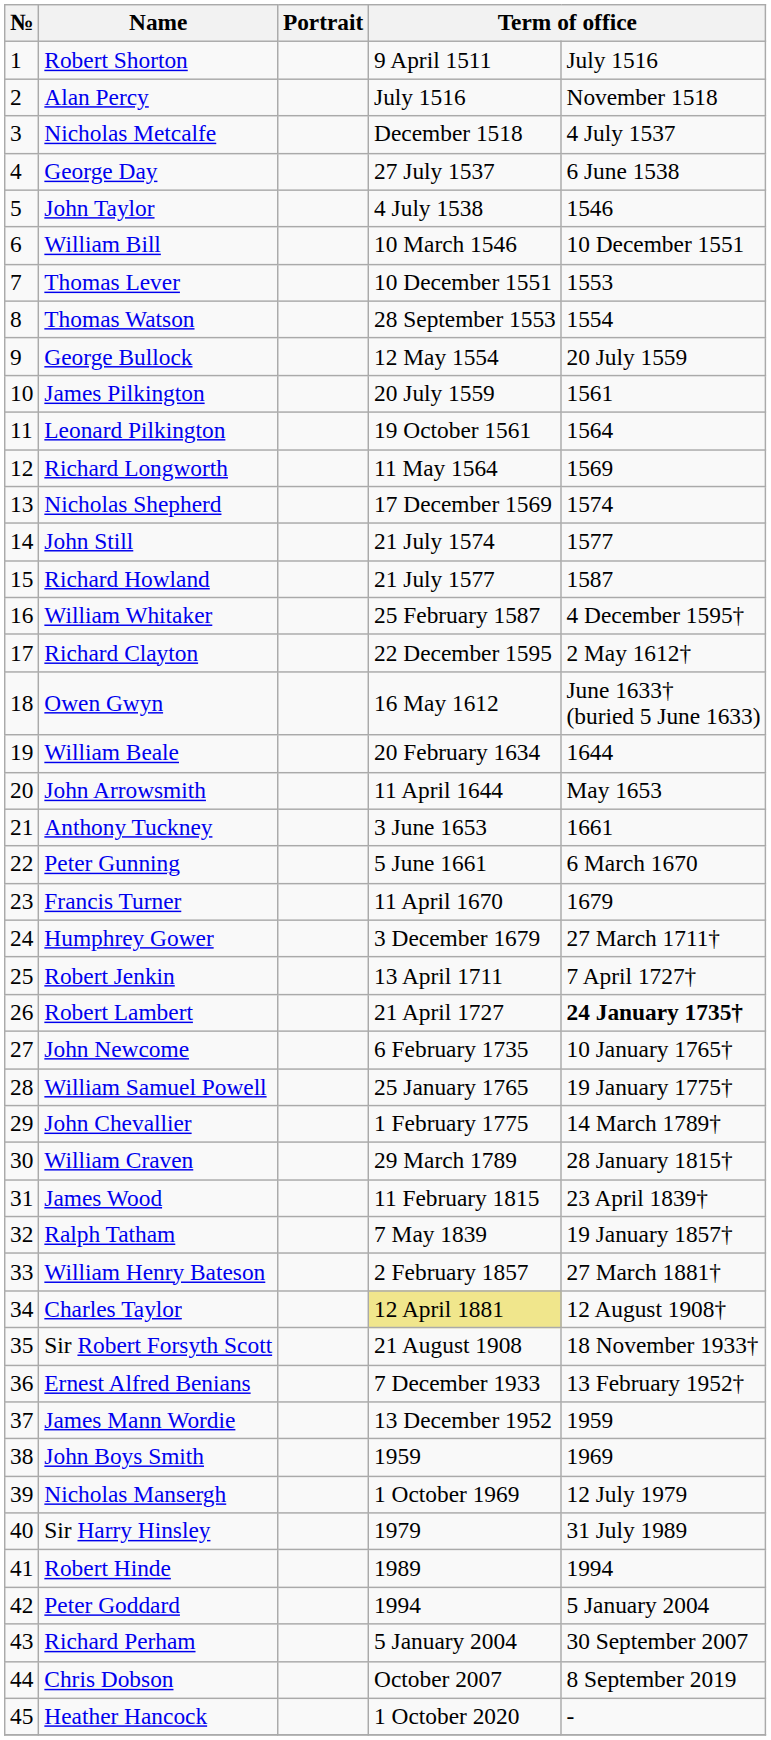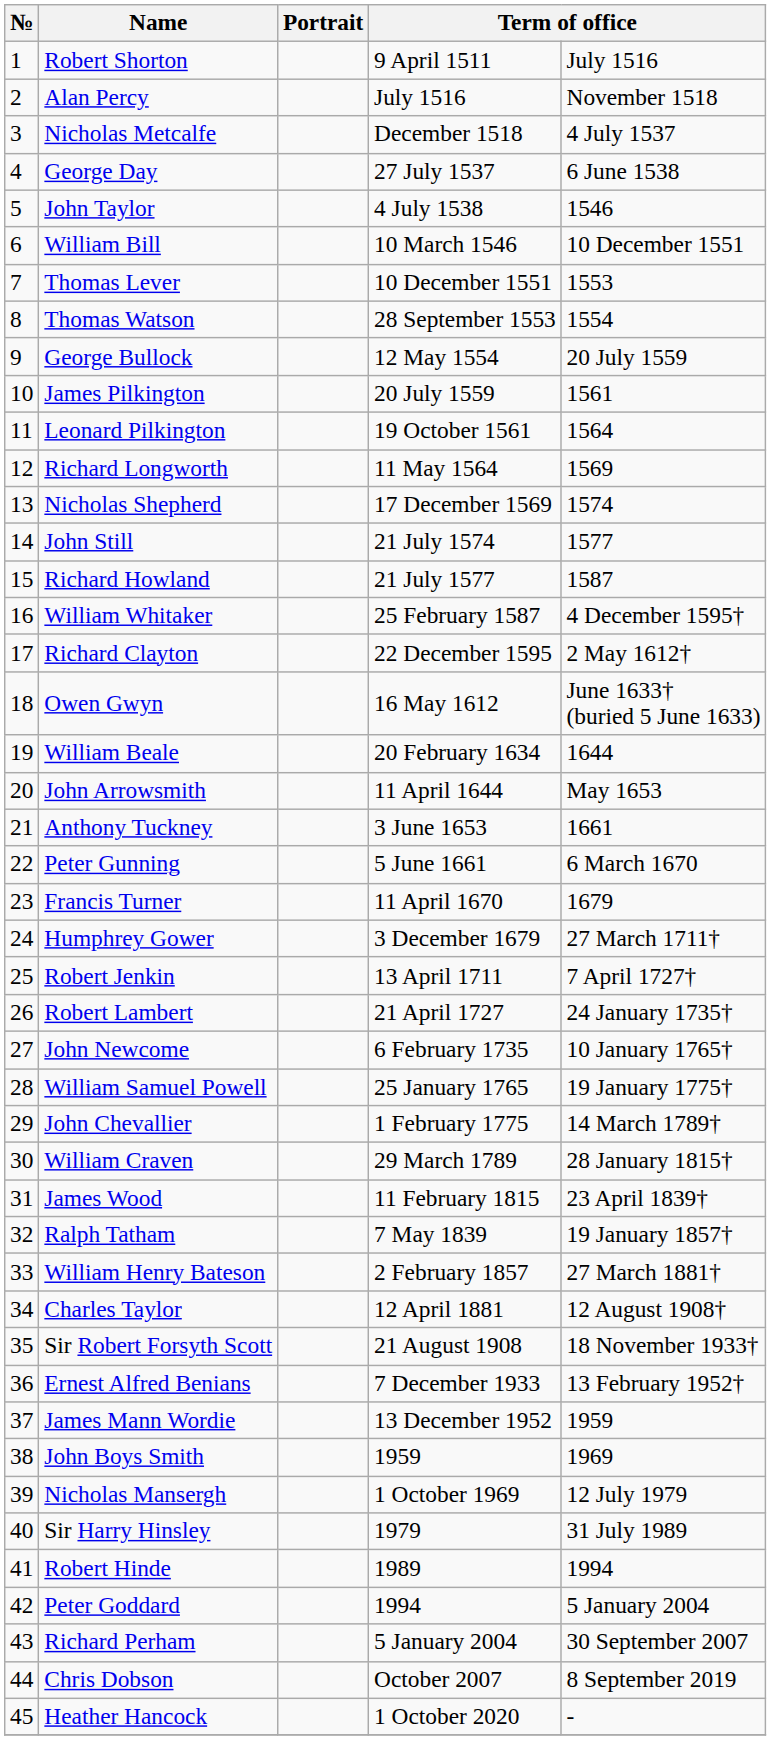 <table class="wikitable">
 <tr>
 <th>№</th>
 <th>Name</th>
 <th>Portrait</th>
 <th colspan=2>Term of office</th>
 </tr>
 <tr>
 <td>1</td>
 <td><a href='#'>Robert Shorton</a></td>
 <td></td>
 <td>9 April 1511</td>
 <td>July 1516</td>
 </tr>
 <tr>
 <td>2</td>
 <td><a href='#'>Alan Percy</a></td>
 <td></td>
 <td>July 1516</td>
 <td>November 1518</td>
 </tr>
 <tr>
 <td>3</td>
 <td><a href='#'>Nicholas Metcalfe</a></td>
 <td></td>
 <td>December 1518</td>
 <td>4 July 1537</td>
 </tr>
 <tr>
 <td>4</td>
 <td><a href='#'>George Day</a></td>
 <td></td>
 <td>27 July 1537</td>
 <td>6 June 1538</td>
 </tr>
 <tr>
 <td>5</td>
 <td><a href='#'>John Taylor</a></td>
 <td></td>
 <td>4 July 1538</td>
 <td>1546</td>
 </tr>
 <tr>
 <td>6</td>
 <td><a href='#'>William Bill</a></td>
 <td></td>
 <td>10 March 1546</td>
 <td>10 December 1551</td>
 </tr>
 <tr>
 <td>7</td>
 <td><a href='#'>Thomas Lever</a></td>
 <td></td>
 <td>10 December 1551</td>
 <td>1553</td>
 </tr>
 <tr>
 <td>8</td>
 <td><a href='#'>Thomas Watson</a></td>
 <td></td>
 <td>28 September 1553</td>
 <td>1554</td>
 </tr>
 <tr>
 <td>9</td>
 <td><a href='#'>George Bullock</a></td>
 <td></td>
 <td>12 May 1554</td>
 <td>20 July 1559</td>
 </tr>
 <tr>
 <td>10</td>
 <td><a href='#'>James Pilkington</a></td>
 <td></td>
 <td>20 July 1559</td>
 <td>1561</td>
 </tr>
 <tr>
 <td>11</td>
 <td><a href='#'>Leonard Pilkington</a></td>
 <td></td>
 <td>19 October 1561</td>
 <td>1564</td>
 </tr>
 <tr>
 <td>12</td>
 <td><a href='#'>Richard Longworth</a></td>
 <td></td>
 <td>11 May 1564</td>
 <td>1569</td>
 </tr>
 <tr>
 <td>13</td>
 <td><a href='#'>Nicholas Shepherd</a></td>
 <td></td>
 <td>17 December 1569</td>
 <td>1574</td>
 </tr>
 <tr>
 <td>14</td>
 <td><a href='#'>John Still</a></td>
 <td></td>
 <td>21 July 1574</td>
 <td>1577</td>
 </tr>
 <tr>
 <td>15</td>
 <td><a href='#'>Richard Howland</a></td>
 <td></td>
 <td>21 July 1577</td>
 <td>1587</td>
 </tr>
 <tr>
 <td>16</td>
 <td><a href='#'>William Whitaker</a></td>
 <td></td>
 <td>25 February 1587</td>
 <td>4 December 1595†</td>
 </tr>
 <tr>
 <td>17</td>
 <td><a href='#'>Richard Clayton</a></td>
 <td></td>
 <td>22 December 1595</td>
 <td>2 May 1612†</td>
 </tr>
 <tr>
 <td>18</td>
 <td><a href='#'>Owen Gwyn</a></td>
 <td></td>
 <td>16 May 1612</td>
 <td>June 1633† <br> (buried 5 June 1633)</td>
 </tr>
 <tr>
 <td>19</td>
 <td><a href='#'>William Beale</a></td>
 <td></td>
 <td>20 February 1634</td>
 <td>1644</td>
 </tr>
 <tr>
 <td>20</td>
 <td><a href='#'>John Arrowsmith</a></td>
 <td></td>
 <td>11 April 1644</td>
 <td>May 1653</td>
 </tr>
 <tr>
 <td>21</td>
 <td><a href='#'>Anthony Tuckney</a></td>
 <td></td>
 <td>3 June 1653</td>
 <td>1661</td>
 </tr>
 <tr>
 <td>22</td>
 <td><a href='#'>Peter Gunning</a></td>
 <td></td>
 <td>5 June 1661</td>
 <td>6 March 1670</td>
 </tr>
 <tr>
 <td>23</td>
 <td><a href='#'>Francis Turner</a></td>
 <td></td>
 <td>11 April 1670</td>
 <td>1679</td>
 </tr>
 <tr>
 <td>24</td>
 <td><a href='#'>Humphrey Gower</a></td>
 <td></td>
 <td>3 December 1679</td>
 <td>27 March 1711†</td>
 </tr>
 <tr>
 <td>25</td>
 <td><a href='#'>Robert Jenkin</a></td>
 <td></td>
 <td>13 April 1711</td>
 <td>7 April 1727†</td>
 </tr>
 <tr>
 <td>26</td>
 <td><a href='#'>Robert Lambert</a></td>
 <td></td>
 <td>21 April 1727</td>
-<td><strong>24 January 1735†</strong></td>
+<td>24 January 1735†</td>
 </tr>
 <tr>
 <td>27</td>
 <td><a href='#'>John Newcome</a></td>
 <td></td>
 <td>6 February 1735</td>
 <td>10 January 1765†</td>
 </tr>
 <tr>
 <td>28</td>
 <td><a href='#'>William Samuel Powell</a></td>
 <td></td>
 <td>25 January 1765</td>
 <td>19 January 1775†</td>
 </tr>
 <tr>
 <td>29</td>
 <td><a href='#'>John Chevallier</a></td>
 <td></td>
 <td>1 February 1775</td>
 <td>14 March 1789†</td>
 </tr>
 <tr>
 <td>30</td>
 <td><a href='#'>William Craven</a></td>
 <td></td>
 <td>29 March 1789</td>
 <td>28 January 1815†</td>
 </tr>
 <tr>
 <td>31</td>
 <td><a href='#'>James Wood</a></td>
 <td></td>
 <td>11 February 1815</td>
 <td>23 April 1839†</td>
 </tr>
 <tr>
 <td>32</td>
 <td><a href='#'>Ralph Tatham</a></td>
 <td></td>
 <td>7 May 1839</td>
 <td>19 January 1857†</td>
 </tr>
 <tr>
 <td>33</td>
 <td><a href='#'>William Henry Bateson</a></td>
 <td></td>
 <td>2 February 1857</td>
 <td>27 March 1881†</td>
 </tr>
 <tr>
 <td>34</td>
 <td><a href='#'>Charles Taylor</a></td>
 <td></td>
-<td style="background: khaki;">12 April 1881</td>
+<td>12 April 1881</td>
 <td>12 August 1908†</td>
 </tr>
 <tr>
 <td>35</td>
 <td>Sir <a href='#'>Robert Forsyth Scott</a></td>
 <td></td>
 <td>21 August 1908</td>
 <td>18 November 1933†</td>
 </tr>
 <tr>
 <td>36</td>
 <td><a href='#'>Ernest Alfred Benians</a></td>
 <td></td>
 <td>7 December 1933</td>
 <td>13 February 1952†</td>
 </tr>
 <tr>
 <td>37</td>
 <td><a href='#'>James Mann Wordie</a></td>
 <td></td>
 <td>13 December 1952</td>
 <td>1959</td>
 </tr>
 <tr>
 <td>38</td>
 <td><a href='#'>John Boys Smith</a></td>
 <td></td>
 <td>1959</td>
 <td>1969</td>
 </tr>
 <tr>
 <td>39</td>
 <td><a href='#'>Nicholas Mansergh</a></td>
 <td></td>
 <td>1 October 1969</td>
 <td>12 July 1979</td>
 </tr>
 <tr>
 <td>40</td>
 <td>Sir <a href='#'>Harry Hinsley</a></td>
 <td></td>
 <td>1979</td>
 <td>31 July 1989</td>
 </tr>
 <tr>
 <td>41</td>
 <td><a href='#'>Robert Hinde</a></td>
 <td></td>
 <td>1989</td>
 <td>1994</td>
 </tr>
 <tr>
 <td>42</td>
 <td><a href='#'>Peter Goddard</a></td>
 <td></td>
 <td>1994</td>
 <td>5 January 2004</td>
 </tr>
 <tr>
 <td>43</td>
 <td><a href='#'>Richard Perham</a></td>
 <td></td>
 <td>5 January 2004</td>
 <td>30 September 2007</td>
 </tr>
 <tr>
 <td>44</td>
 <td><a href='#'>Chris Dobson</a></td>
 <td></td>
 <td>October 2007</td>
 <td>8 September 2019</td>
 </tr>
 <tr>
 <td>45</td>
 <td><a href='#'>Heather Hancock</a></td>
 <td></td>
 <td>1 October 2020</td>
 <td>-</td>
 </tr>
 <tr>
 </tr>
 </table>
